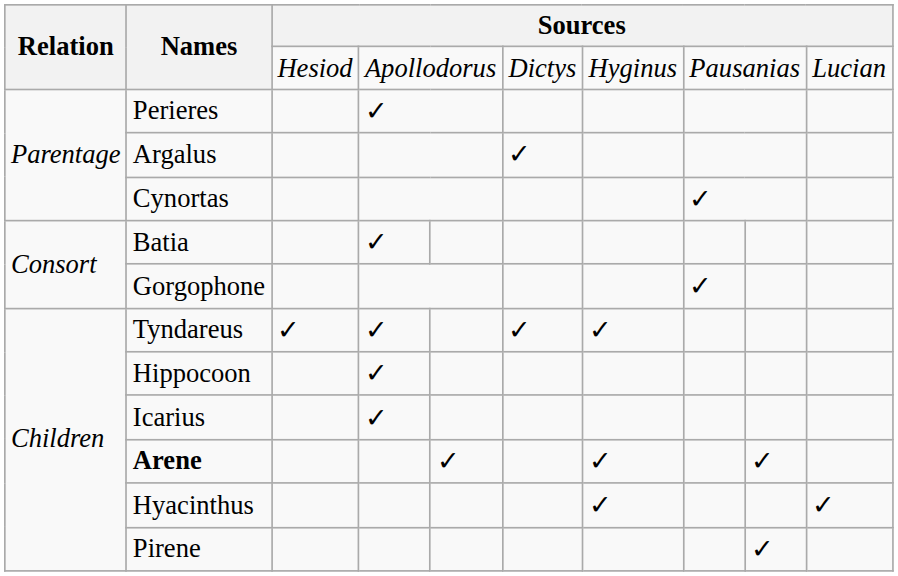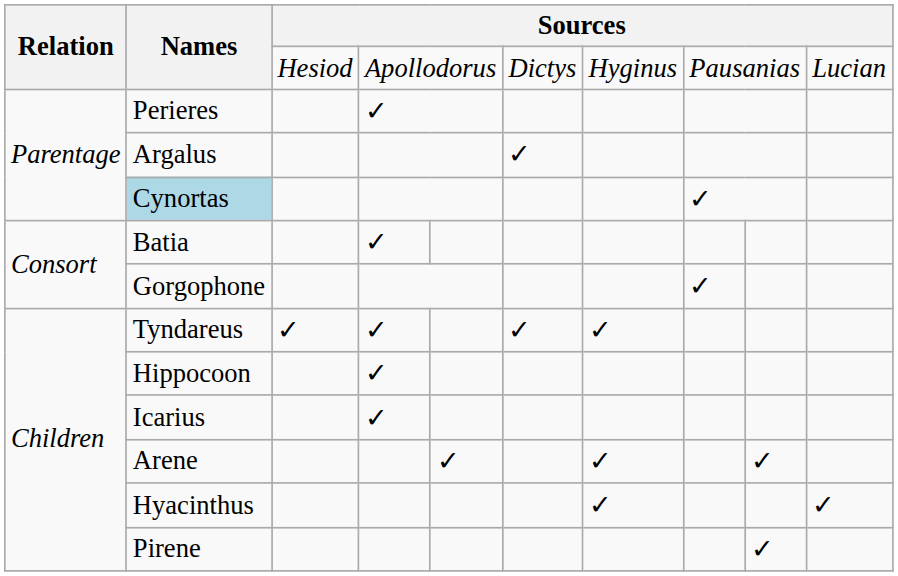 <table class="wikitable">
 <tr>
 <th rowspan="2">Relation</th>
 <th rowspan="2">Names</th>
 <th colspan="8">Sources</th>
 </tr>
 <tr>
 <td><em>Hesiod</em></td>
 <td colspan="2"><em>Apollodorus</em></td>
 <td><em>Dictys</em></td>
 <td><em>Hyginus</em></td>
 <td colspan="2"><em>Pausanias</em></td>
 <td><em>Lucian</em></td>
 </tr>
 <tr>
 <td rowspan="3"><em>Parentage</em></td>
 <td>Perieres</td>
 <td></td>
 <td colspan="2">✓</td>
 <td></td>
 <td></td>
 <td colspan="2"></td>
 <td></td>
 </tr>
 <tr>
 <td>Argalus</td>
 <td></td>
 <td colspan="2"></td>
 <td>✓</td>
 <td></td>
 <td colspan="2"></td>
 <td></td>
 </tr>
 <tr>
-<td>Cynortas</td>
+<td style="background: lightblue;">Cynortas</td>
 <td></td>
 <td colspan="2"></td>
 <td></td>
 <td></td>
 <td colspan="2">✓</td>
 <td></td>
 </tr>
 <tr>
 <td rowspan="2"><em>Consort</em></td>
 <td>Batia</td>
 <td></td>
 <td>✓</td>
 <td></td>
 <td></td>
 <td></td>
 <td></td>
 <td></td>
 <td></td>
 </tr>
 <tr>
 <td>Gorgophone</td>
 <td></td>
 <td colspan="2"></td>
 <td></td>
 <td></td>
 <td>✓</td>
 <td></td>
 <td></td>
 </tr>
 <tr>
 <td rowspan="6"><em>Children</em></td>
 <td>Tyndareus</td>
 <td>✓</td>
 <td>✓</td>
 <td></td>
 <td>✓</td>
 <td>✓</td>
 <td></td>
 <td></td>
 <td></td>
 </tr>
 <tr>
 <td>Hippocoon</td>
 <td></td>
 <td>✓</td>
 <td></td>
 <td></td>
 <td></td>
 <td></td>
 <td></td>
 <td></td>
 </tr>
 <tr>
 <td>Icarius</td>
 <td></td>
 <td>✓</td>
 <td></td>
 <td></td>
 <td></td>
 <td></td>
 <td></td>
 <td></td>
 </tr>
 <tr>
-<td><strong>Arene</strong></td>
+<td>Arene</td>
 <td></td>
 <td></td>
 <td>✓</td>
 <td></td>
 <td>✓</td>
 <td></td>
 <td>✓</td>
 <td></td>
 </tr>
 <tr>
 <td>Hyacinthus</td>
 <td></td>
 <td></td>
 <td></td>
 <td></td>
 <td>✓</td>
 <td></td>
 <td></td>
 <td>✓</td>
 </tr>
 <tr>
 <td>Pirene</td>
 <td></td>
 <td></td>
 <td></td>
 <td></td>
 <td></td>
 <td></td>
 <td>✓</td>
 <td></td>
 </tr>
 </table>
